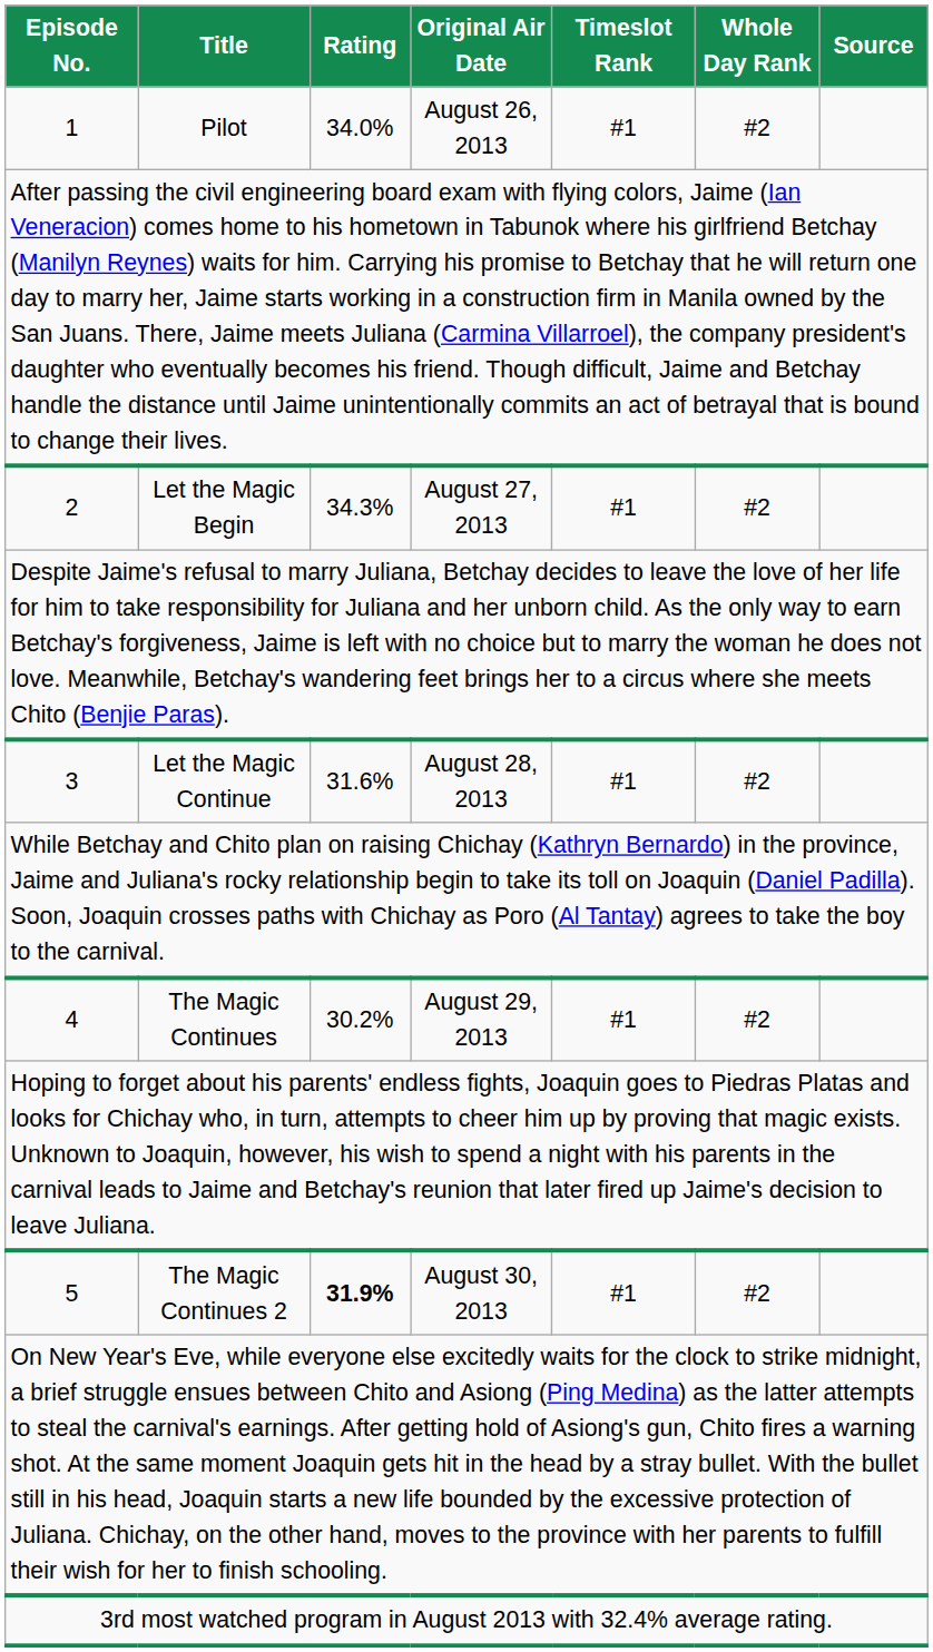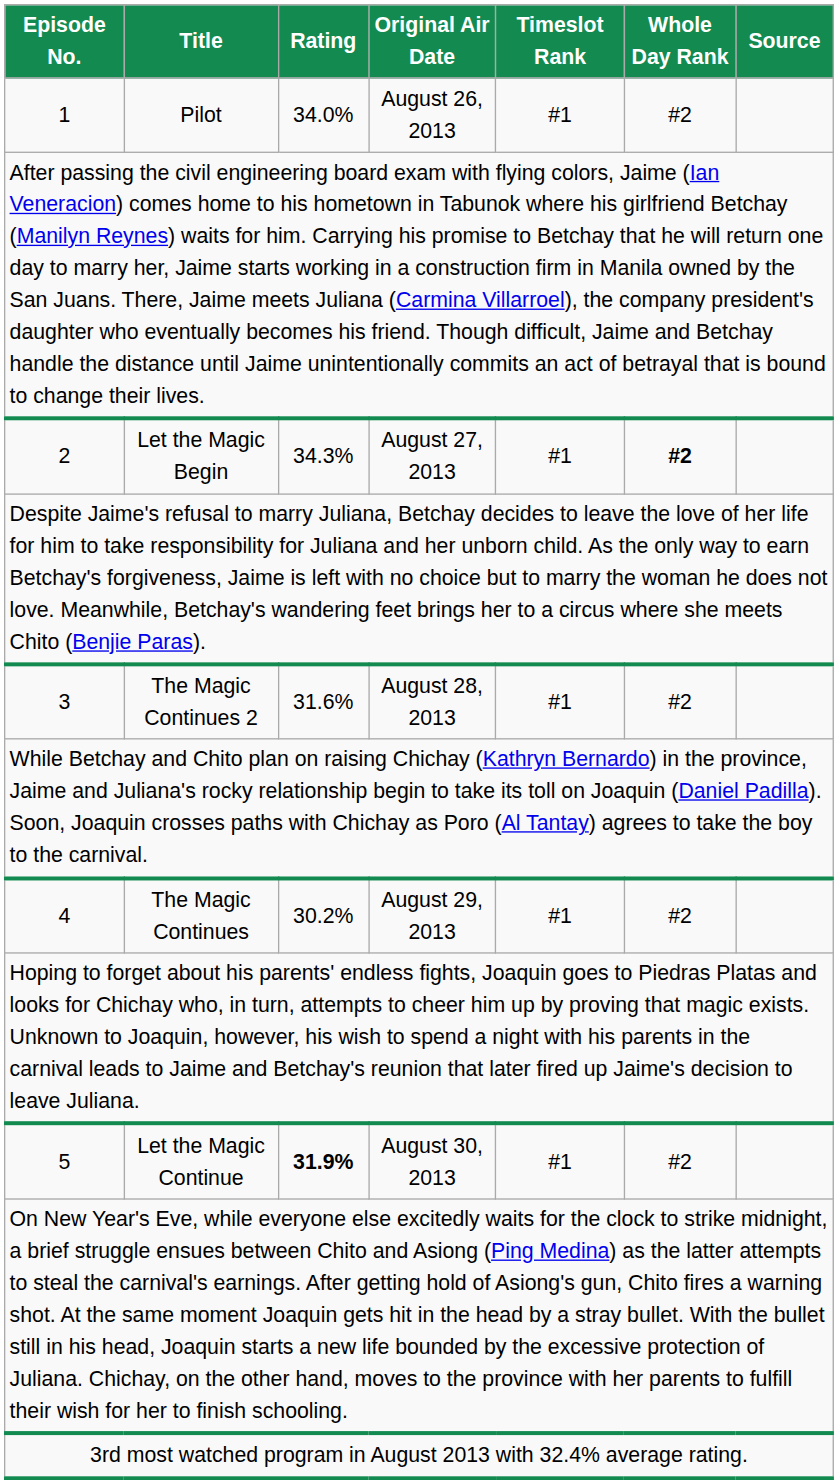 <table class="wikitable" style="text-align:center; background:#f9f9f9; line-height:16px; line-height:150%" width="100%">
 <tr style="color:white;">
 <th style="background:#128a50;">Episode No.</th>
 <th style="background:#128a50;">Title</th>
 <th style="background:#128a50;">Rating</th>
 <th style="background:#128a50;">Original Air Date</th>
 <th style="background:#128a50;">Timeslot Rank</th>
 <th style="background:#128a50;">Whole Day Rank</th>
 <th style="background:#128a50;">Source</th>
 </tr>
 <tr>
 <td>1</td>
 <td>Pilot</td>
 <td>34.0%</td>
 <td>August 26, 2013</td>
 <td>#1</td>
 <td>#2</td>
 <td></td>
 </tr>
 <tr>
 <td colspan = "7" style="text-align: left; border-bottom: 3px solid #128a50;">After passing the civil engineering board exam with flying colors, Jaime (<a href='#'>Ian Veneracion</a>) comes home to his hometown in Tabunok where his girlfriend Betchay (<a href='#'>Manilyn Reynes</a>) waits for him. Carrying his promise to Betchay that he will return one day to marry her, Jaime starts working in a construction firm in Manila owned by the San Juans. There, Jaime meets Juliana (<a href='#'>Carmina Villarroel</a>), the company president's daughter who eventually becomes his friend. Though difficult, Jaime and Betchay handle the distance until Jaime unintentionally commits an act of betrayal that is bound to change their lives.</td>
 </tr>
 <tr>
 <td>2</td>
 <td>Let the Magic Begin</td>
 <td>34.3%</td>
 <td>August 27, 2013</td>
 <td>#1</td>
-<td>#2</td>
+<td><strong>#2</strong></td>
 <td></td>
 </tr>
 <tr>
 <td colspan = "7" style="text-align: left; border-bottom: 3px solid #128a50;">Despite Jaime's refusal to marry Juliana, Betchay decides to leave the love of her life for him to take responsibility for Juliana and her unborn child. As the only way to earn Betchay's forgiveness, Jaime is left with no choice but to marry the woman he does not love. Meanwhile, Betchay's wandering feet brings her to a circus where she meets Chito (<a href='#'>Benjie Paras</a>).</td>
 </tr>
 <tr>
 <td>3</td>
-<td>Let the Magic Continue</td>
+<td>The Magic Continues 2</td>
 <td>31.6%</td>
 <td>August 28, 2013</td>
 <td>#1</td>
 <td>#2</td>
 <td></td>
 </tr>
 <tr>
 <td colspan = "7" style="text-align: left; border-bottom: 3px solid #128a50;">While Betchay and Chito plan on raising Chichay (<a href='#'>Kathryn Bernardo</a>) in the province, Jaime and Juliana's rocky relationship begin to take its toll on Joaquin (<a href='#'>Daniel Padilla</a>). Soon, Joaquin crosses paths with Chichay as Poro (<a href='#'>Al Tantay</a>) agrees to take the boy to the carnival.</td>
 </tr>
 <tr>
 <td>4</td>
 <td>The Magic Continues</td>
 <td>30.2%</td>
 <td>August 29, 2013</td>
 <td>#1</td>
 <td>#2</td>
 <td></td>
 </tr>
 <tr>
 <td colspan = "7" style="text-align: left; border-bottom: 3px solid #128a50;">Hoping to forget about his parents' endless fights, Joaquin goes to Piedras Platas and looks for Chichay who, in turn, attempts to cheer him up by proving that magic exists. Unknown to Joaquin, however, his wish to spend a night with his parents in the carnival leads to Jaime and Betchay's reunion that later fired up Jaime's decision to leave Juliana.</td>
 </tr>
 <tr>
 <td>5</td>
-<td>The Magic Continues 2</td>
+<td>Let the Magic Continue</td>
 <td><strong>31.9%</strong></td>
 <td>August 30, 2013</td>
 <td>#1</td>
 <td>#2</td>
 <td></td>
 </tr>
 <tr>
 <td colspan = "7" style="text-align: left; border-bottom: 3px solid #128a50;">On New Year's Eve, while everyone else excitedly waits for the clock to strike midnight, a brief struggle ensues between Chito and Asiong (<a href='#'>Ping Medina</a>) as the latter attempts to steal the carnival's earnings. After getting hold of Asiong's gun, Chito fires a warning shot. At the same moment Joaquin gets hit in the head by a stray bullet. With the bullet still in his head, Joaquin starts a new life bounded by the excessive protection of Juliana. Chichay, on the other hand, moves to the province with her parents to fulfill their wish for her to finish schooling.</td>
 </tr>
 <tr>
 <td colspan = "7" style="text-align: center; border-bottom: 3px solid #128a50;">3rd most watched program in August 2013 with 32.4% average rating.</td>
 </tr>
 </table>
